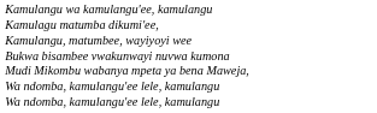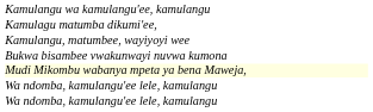 <table style="margin:auto; width:480px; height:10px;" cellpadding="0">
 <tr>
 <td><em>Kamulangu wa kamulangu'ee, kamulangu</em></td>
 </tr>
 <tr>
 <td><em>Kamulagu matumba dikumi'ee,</em></td>
 </tr>
 <tr>
 <td><em>Kamulangu, matumbee, wayiyoyi wee</em></td>
 </tr>
 <tr>
 <td><em>Bukwa bisambee vwakunwayi nuvwa kumona</em></td>
 </tr>
 <tr>
-<td><em>Mudi Mikombu wabanya mpeta ya bena Maweja,</em></td>
+<td style="background: lightyellow;"><em>Mudi Mikombu wabanya mpeta ya bena Maweja,</em></td>
 </tr>
 <tr>
 <td><em>Wa ndomba, kamulangu'ee lele, kamulangu</em></td>
 </tr>
 <tr>
 <td><em>Wa ndomba, kamulangu'ee lele, kamulangu</em></td>
 </tr>
 </table>
